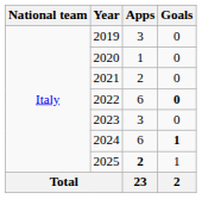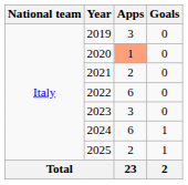 <table class="wikitable" style="text-align:center">
 <tr>
 <th>National team</th>
 <th>Year</th>
 <th>Apps</th>
 <th>Goals</th>
 </tr>
 <tr>
 <td rowspan="7"><a href='#'>Italy</a></td>
 <td>2019</td>
 <td>3</td>
 <td>0</td>
 </tr>
 <tr>
 <td>2020</td>
-<td>1</td>
+<td style="background: lightsalmon;">1</td>
 <td>0</td>
 </tr>
 <tr>
 <td>2021</td>
 <td>2</td>
 <td>0</td>
 </tr>
 <tr>
 <td>2022</td>
 <td>6</td>
-<td><strong>0</strong></td>
+<td>0</td>
 </tr>
 <tr>
 <td>2023</td>
 <td>3</td>
 <td>0</td>
 </tr>
 <tr>
 <td>2024</td>
 <td>6</td>
-<td><strong>1</strong></td>
+<td>1</td>
 </tr>
 <tr>
 <td>2025</td>
-<td><strong>2</strong></td>
+<td>2</td>
 <td>1</td>
 </tr>
 <tr>
 <th colspan="2">Total</th>
 <th>23</th>
 <th>2</th>
 </tr>
 </table>
